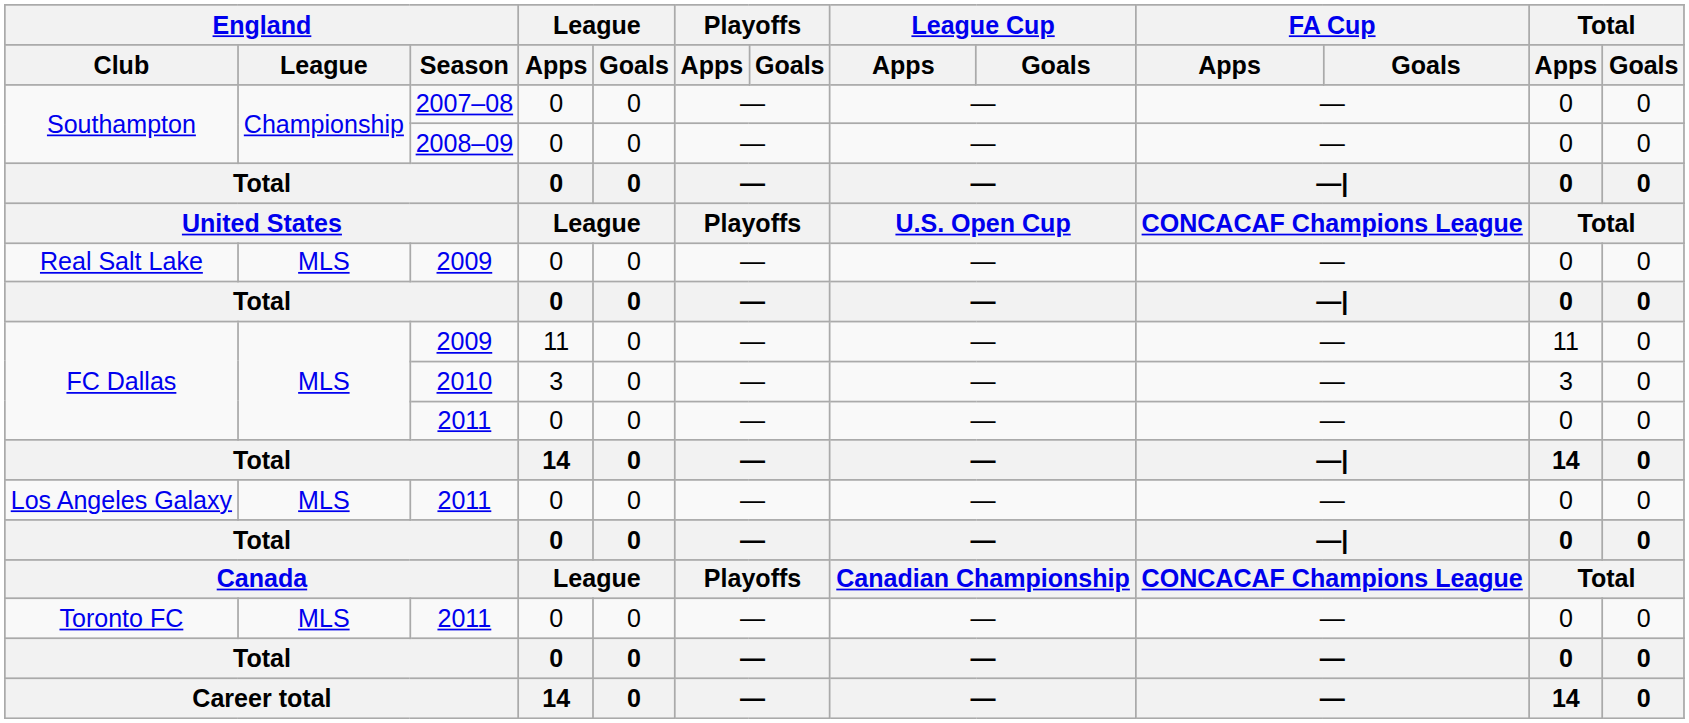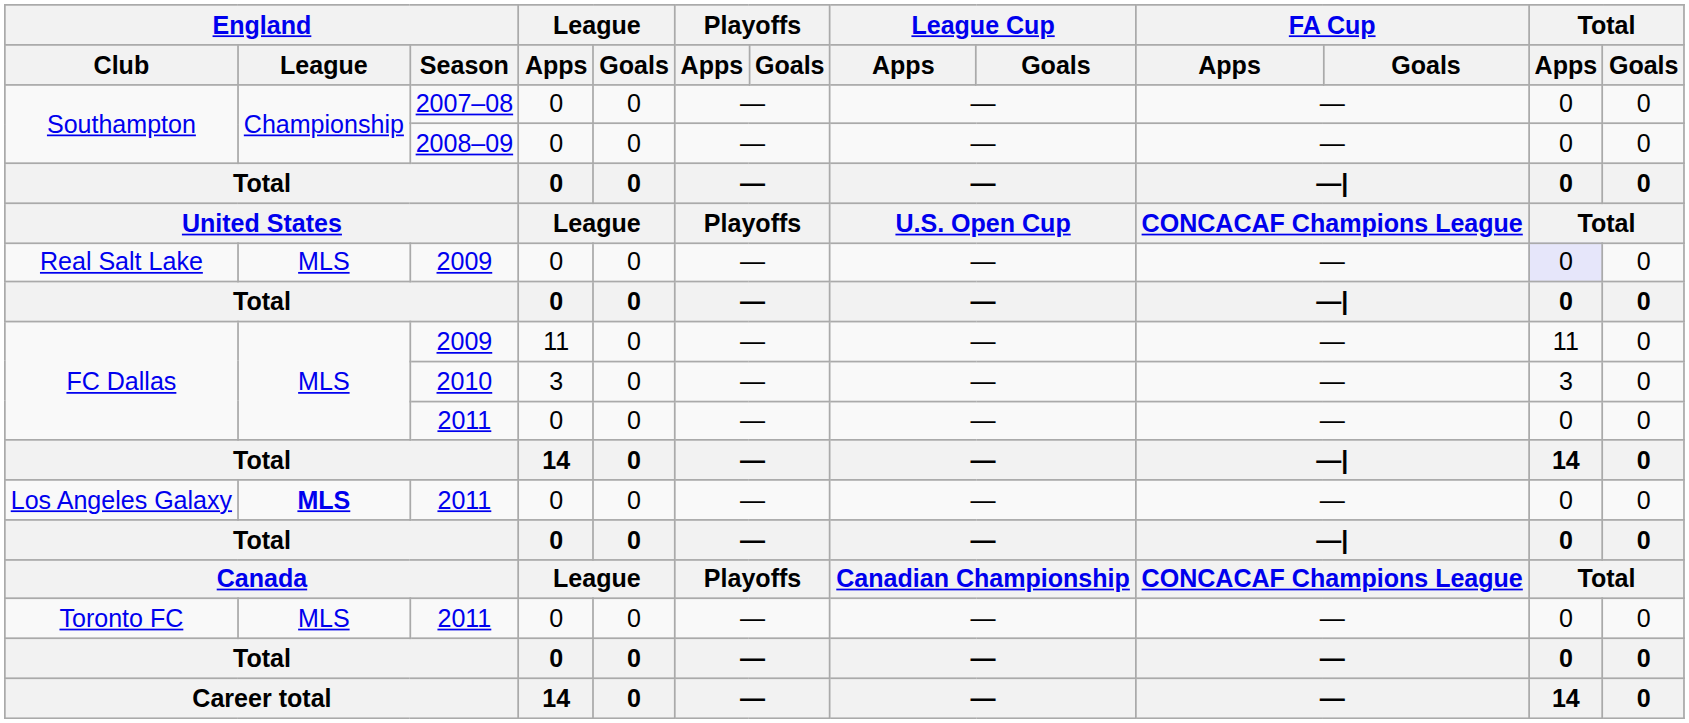 <table class="wikitable" style="font-size:90%; text-align: center;">
 <tr>
 <th colspan="3"><a href='#'>England</a></th>
 <th colspan="2">League</th>
 <th colspan="2">Playoffs</th>
 <th colspan="2"><a href='#'>League Cup</a></th>
 <th colspan="2"><a href='#'>FA Cup</a></th>
 <th colspan="2">Total</th>
 </tr>
 <tr>
 <th>Club</th>
 <th>League</th>
 <th>Season</th>
 <th>Apps</th>
 <th>Goals</th>
 <th>Apps</th>
 <th>Goals</th>
 <th>Apps</th>
 <th>Goals</th>
 <th>Apps</th>
 <th>Goals</th>
 <th>Apps</th>
 <th>Goals</th>
 </tr>
 <tr>
 <td rowspan="2" style="text-align:center;"><a href='#'>Southampton</a></td>
 <td rowspan="2" style="text-align:center;"><a href='#'>Championship</a></td>
 <td><a href='#'>2007–08</a></td>
 <td>0</td>
 <td>0</td>
 <td colspan=2>—</td>
 <td colspan=2>—</td>
 <td colspan=2>—</td>
 <td>0</td>
 <td>0</td>
 </tr>
 <tr>
 <td><a href='#'>2008–09</a></td>
 <td>0</td>
 <td>0</td>
 <td colspan=2>—</td>
 <td colspan=2>—</td>
 <td colspan=2>—</td>
 <td>0</td>
 <td>0</td>
 </tr>
 <tr>
 <th colspan="3">Total</th>
 <th>0</th>
 <th>0</th>
 <th colspan=2>—</th>
 <th colspan=2>—</th>
 <th colspan=2>—|</th>
 <th>0</th>
 <th>0</th>
 </tr>
 <tr>
 <th colspan="3"><a href='#'>United States</a></th>
 <th colspan="2">League</th>
 <th colspan="2">Playoffs</th>
 <th colspan="2"><a href='#'>U.S. Open Cup</a></th>
 <th colspan="2"><a href='#'>CONCACAF Champions League</a></th>
 <th colspan="2">Total</th>
 </tr>
 <tr>
 <td style="text-align:center;"><a href='#'>Real Salt Lake</a></td>
 <td style="text-align:center;"><a href='#'>MLS</a></td>
 <td><a href='#'>2009</a></td>
 <td>0</td>
 <td>0</td>
 <td colspan=2>—</td>
 <td colspan=2>—</td>
 <td colspan=2>—</td>
-<td>0</td>
+<td style="background: lavender;">0</td>
 <td>0</td>
 </tr>
 <tr>
 <th colspan="3">Total</th>
 <th>0</th>
 <th>0</th>
 <th colspan=2>—</th>
 <th colspan=2>—</th>
 <th colspan=2>—|</th>
 <th>0</th>
 <th>0</th>
 </tr>
 <tr>
 <td rowspan="3" style="text-align:center;"><a href='#'>FC Dallas</a></td>
 <td rowspan="3" style="text-align:center;"><a href='#'>MLS</a></td>
 <td><a href='#'>2009</a></td>
 <td>11</td>
 <td>0</td>
 <td colspan=2>—</td>
 <td colspan=2>—</td>
 <td colspan=2>—</td>
 <td>11</td>
 <td>0</td>
 </tr>
 <tr>
 <td><a href='#'>2010</a></td>
 <td>3</td>
 <td>0</td>
 <td colspan=2>—</td>
 <td colspan=2>—</td>
 <td colspan=2>—</td>
 <td>3</td>
 <td>0</td>
 </tr>
 <tr>
 <td><a href='#'>2011</a></td>
 <td>0</td>
 <td>0</td>
 <td colspan=2>—</td>
 <td colspan=2>—</td>
 <td colspan=2>—</td>
 <td>0</td>
 <td>0</td>
 </tr>
 <tr>
 <th colspan="3">Total</th>
 <th>14</th>
 <th>0</th>
 <th colspan=2>—</th>
 <th colspan=2>—</th>
 <th colspan=2>—|</th>
 <th>14</th>
 <th>0</th>
 </tr>
 <tr>
 <td style="text-align:center;"><a href='#'>Los Angeles Galaxy</a></td>
-<td style="text-align:center;"><a href='#'>MLS</a></td>
+<td style="text-align:center;"><strong><a href='#'>MLS</a></strong></td>
 <td><a href='#'>2011</a></td>
 <td>0</td>
 <td>0</td>
 <td colspan=2>—</td>
 <td colspan=2>—</td>
 <td colspan=2>—</td>
 <td>0</td>
 <td>0</td>
 </tr>
 <tr>
 <th colspan="3">Total</th>
 <th>0</th>
 <th>0</th>
 <th colspan=2>—</th>
 <th colspan=2>—</th>
 <th colspan=2>—|</th>
 <th>0</th>
 <th>0</th>
 </tr>
 <tr>
 <th colspan="3"><a href='#'>Canada</a></th>
 <th colspan="2">League</th>
 <th colspan="2">Playoffs</th>
 <th colspan="2"><a href='#'>Canadian Championship</a></th>
 <th colspan="2"><a href='#'>CONCACAF Champions League</a></th>
 <th colspan="2">Total</th>
 </tr>
 <tr>
 <td><a href='#'>Toronto FC</a></td>
 <td style="text-align:center;"><a href='#'>MLS</a></td>
 <td><a href='#'>2011</a></td>
 <td>0</td>
 <td>0</td>
 <td colspan=2>—</td>
 <td colspan=2>—</td>
 <td colspan=2>—</td>
 <td>0</td>
 <td>0</td>
 </tr>
 <tr>
 <th colspan="3">Total</th>
 <th>0</th>
 <th>0</th>
 <th colspan=2>—</th>
 <th colspan=2>—</th>
 <th colspan=2>—</th>
 <th>0</th>
 <th>0</th>
 </tr>
 <tr>
 <th colspan="3">Career total</th>
 <th>14</th>
 <th>0</th>
 <th colspan=2>—</th>
 <th colspan=2>—</th>
 <th colspan=2>—</th>
 <th>14</th>
 <th>0</th>
 </tr>
 </table>
